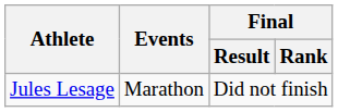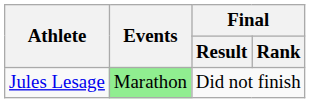 <table class=wikitable style="font-size:90%">
 <tr>
 <th rowspan="2">Athlete</th>
 <th rowspan="2">Events</th>
 <th colspan="2">Final</th>
 </tr>
 <tr>
 <th>Result</th>
 <th>Rank</th>
 </tr>
 <tr>
 <td><a href='#'>Jules Lesage</a></td>
-<td>Marathon</td>
+<td style="background: lightgreen;">Marathon</td>
 <td align="center" colspan=2>Did not finish</td>
 </tr>
 </table>
